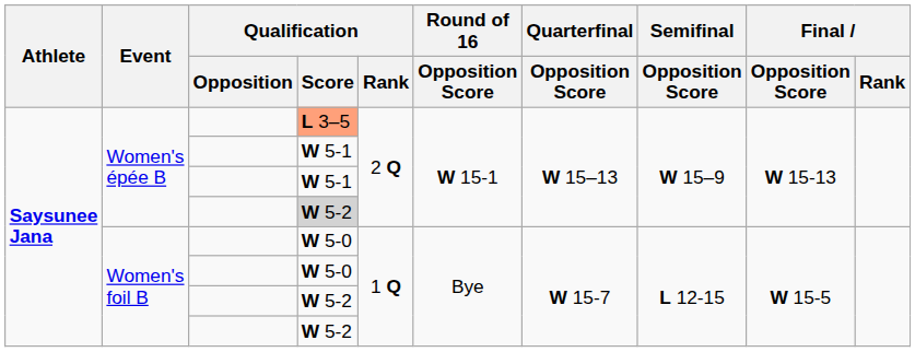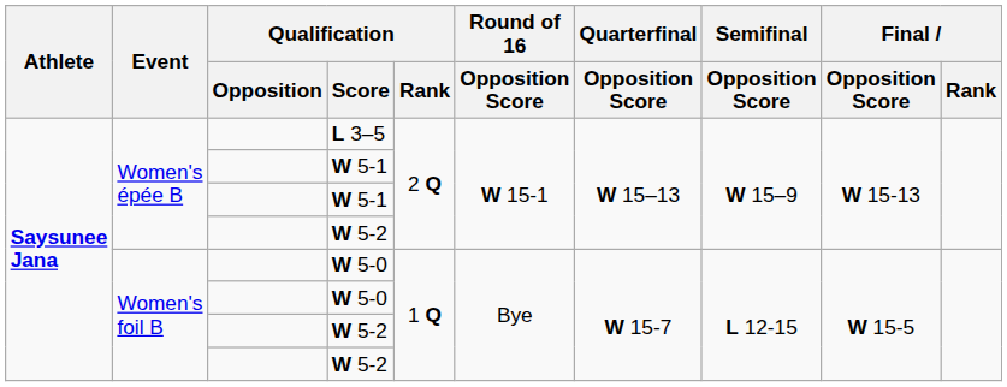 <table class=wikitable style="font-size:90%">
 <tr>
 <th rowspan="2">Athlete</th>
 <th rowspan="2">Event</th>
 <th colspan="3">Qualification</th>
 <th>Round of 16</th>
 <th>Quarterfinal</th>
 <th>Semifinal</th>
 <th colspan="2">Final / </th>
 </tr>
 <tr>
 <th>Opposition</th>
 <th>Score</th>
 <th>Rank</th>
 <th>Opposition<br>Score</th>
 <th>Opposition<br>Score</th>
 <th>Opposition<br>Score</th>
 <th>Opposition<br>Score</th>
 <th>Rank</th>
 </tr>
 <tr>
 <td rowspan=8><strong><a href='#'>Saysunee Jana</a></strong></td>
 <td rowspan=4><a href='#'>Women's épée B</a></td>
 <td></td>
-<td style="background: lightsalmon;"><strong>L</strong> 3–5</td>
+<td><strong>L</strong> 3–5</td>
 <td align="center" rowspan=4>2 <strong>Q</strong></td>
 <td align="center" rowspan=4><br><strong>W</strong> 15-1</td>
 <td align="center" rowspan=4><br><strong>W</strong> 15–13</td>
 <td align="center" rowspan=4><br><strong>W</strong> 15–9</td>
 <td align="center" rowspan=4><br><strong>W</strong> 15-13</td>
 <td align="center" rowspan=4></td>
 </tr>
 <tr>
 <td></td>
 <td><strong>W</strong> 5-1</td>
 </tr>
 <tr>
 <td></td>
 <td><strong>W</strong> 5-1</td>
 </tr>
 <tr>
 <td></td>
-<td style="background: lightgrey;"><strong>W</strong> 5-2</td>
+<td><strong>W</strong> 5-2</td>
 </tr>
 <tr>
 <td rowspan=4><a href='#'>Women's foil B</a></td>
 <td></td>
 <td><strong>W</strong> 5-0</td>
 <td align="center" rowspan=4>1 <strong>Q</strong></td>
 <td align="center" rowspan=4>Bye</td>
 <td align="center" rowspan=4><br><strong>W</strong> 15-7</td>
 <td align="center" rowspan=4><br><strong>L</strong> 12-15</td>
 <td align="center" rowspan=4><br><strong>W</strong> 15-5</td>
 <td align="center" rowspan=4></td>
 </tr>
 <tr>
 <td></td>
 <td><strong>W</strong> 5-0</td>
 </tr>
 <tr>
 <td></td>
 <td><strong>W</strong> 5-2</td>
 </tr>
 <tr>
 <td></td>
 <td><strong>W</strong> 5-2</td>
 </tr>
 </table>
